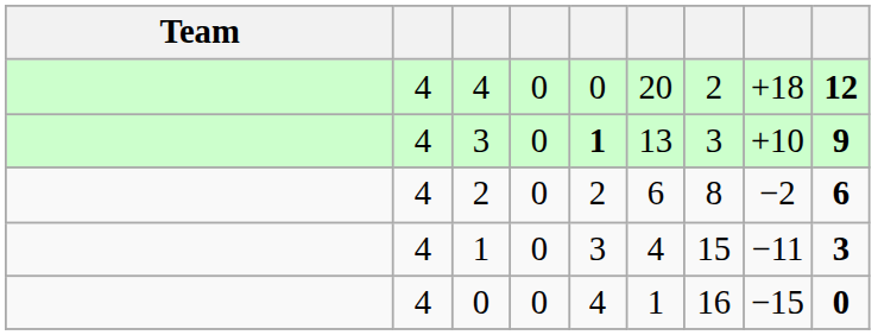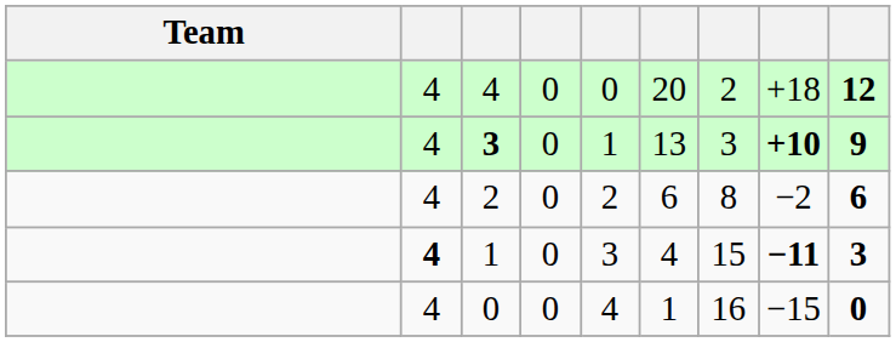 <table class="wikitable" style="text-align: center;">
 <tr>
 <th width="175">Team</th>
 <th width="20"></th>
 <th width="20"></th>
 <th width="20"></th>
 <th width="20"></th>
 <th width="20"></th>
 <th width="20"></th>
 <th width="20"></th>
 <th width="20"><strong></strong></th>
 </tr>
 <tr style="background:#ccffcc;">
 <td align=left></td>
 <td>4</td>
 <td>4</td>
 <td>0</td>
 <td>0</td>
 <td>20</td>
 <td>2</td>
 <td>+18</td>
 <td><strong>12</strong></td>
 </tr>
 <tr style="background:#ccffcc;">
 <td align=left></td>
 <td>4</td>
-<td>3</td>
+<td><strong>3</strong></td>
 <td>0</td>
-<td><strong>1</strong></td>
+<td>1</td>
 <td>13</td>
 <td>3</td>
-<td>+10</td>
+<td><strong>+10</strong></td>
 <td><strong>9</strong></td>
 </tr>
 <tr bgcolor=>
 <td align=left></td>
 <td>4</td>
 <td>2</td>
 <td>0</td>
 <td>2</td>
 <td>6</td>
 <td>8</td>
 <td>−2</td>
 <td><strong>6</strong></td>
 </tr>
 <tr bgcolor=>
 <td align=left></td>
-<td>4</td>
+<td><strong>4</strong></td>
 <td>1</td>
 <td>0</td>
 <td>3</td>
 <td>4</td>
 <td>15</td>
-<td>−11</td>
+<td><strong>−11</strong></td>
 <td><strong>3</strong></td>
 </tr>
 <tr bgcolor=>
 <td align=left></td>
 <td>4</td>
 <td>0</td>
 <td>0</td>
 <td>4</td>
 <td>1</td>
 <td>16</td>
 <td>−15</td>
 <td><strong>0</strong></td>
 </tr>
 </table>
